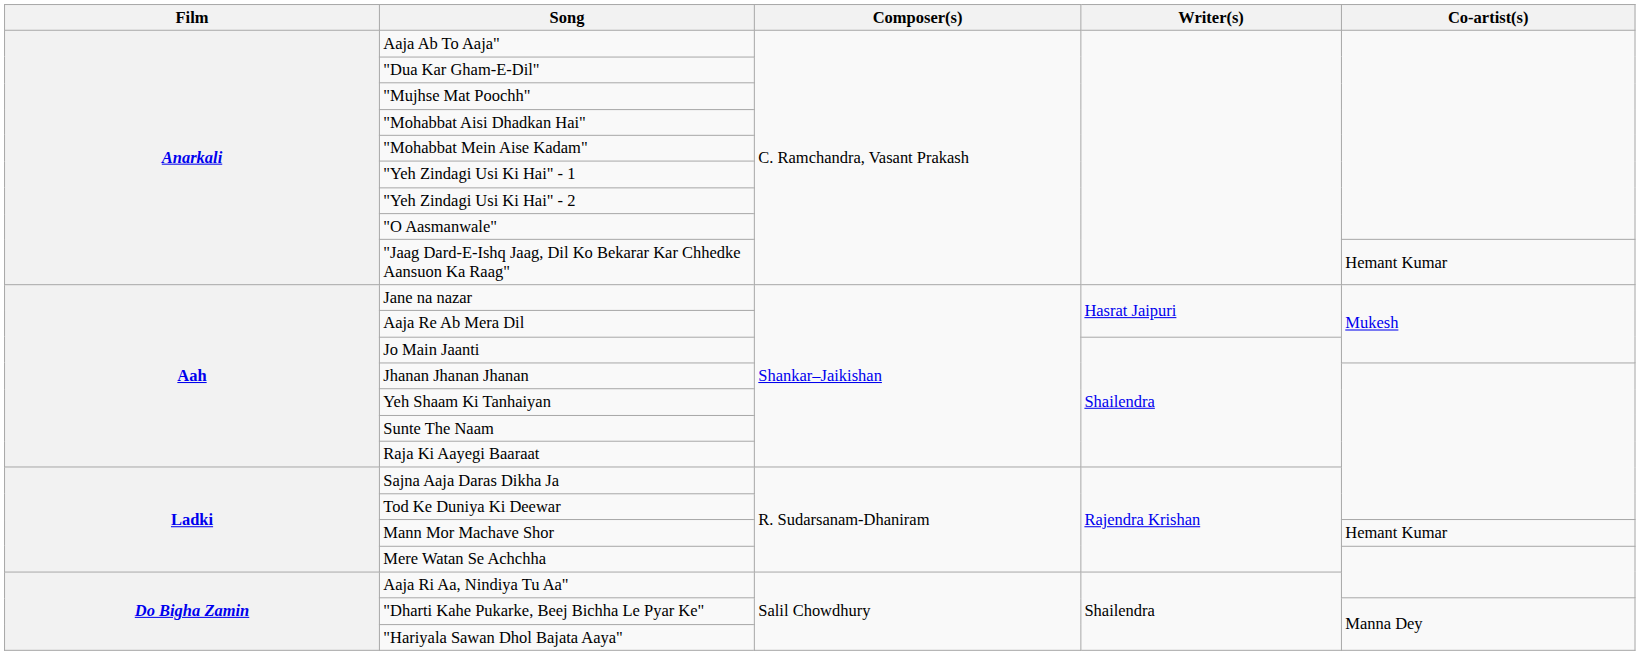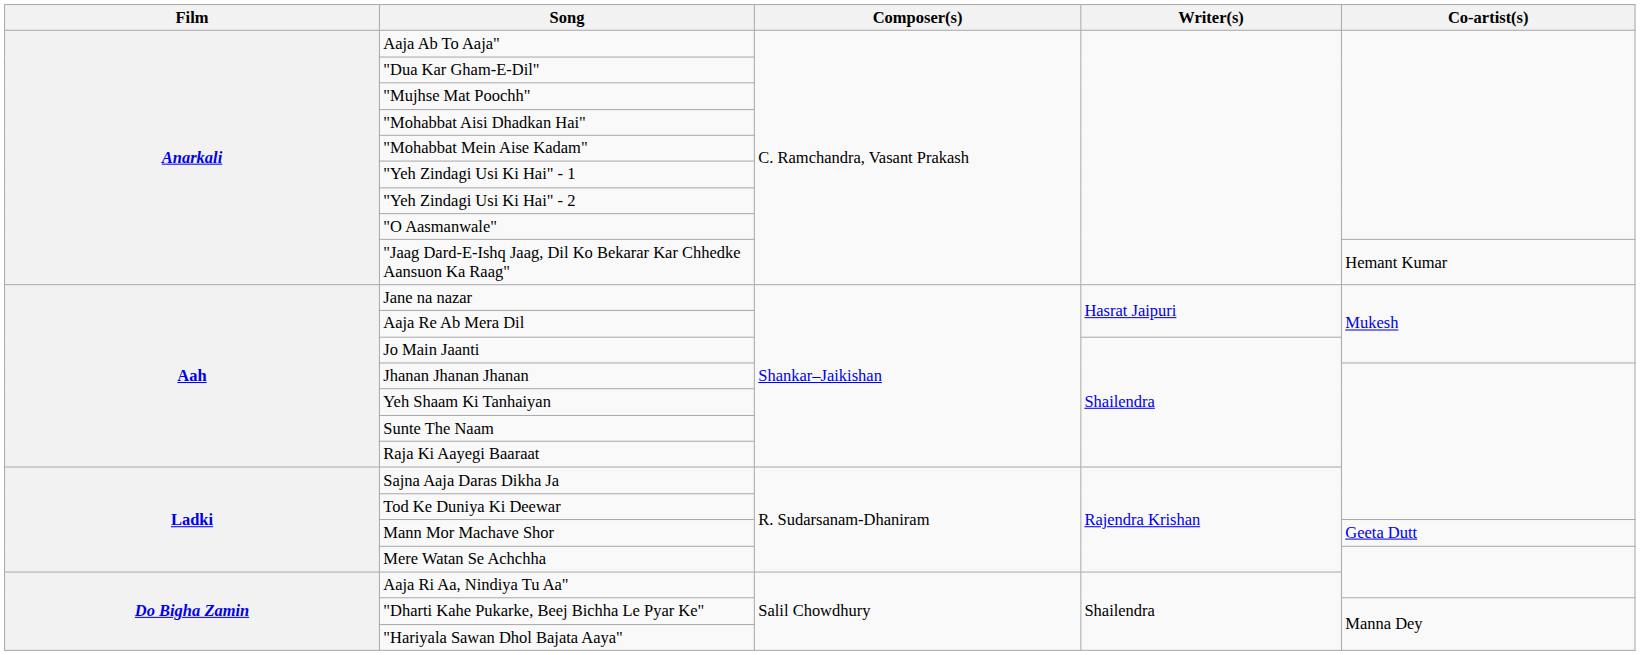 <table class="wikitable plainrowheaders" style="width:100%; textcolor:#000">
 <tr style="background:#b0e0e66;">
 <th scope="col" style="width:23%;"><strong>Film</strong></th>
 <th scope="col" style="width:23%;"><strong>Song</strong></th>
 <th scope="col" style="width:20%;"><strong>Composer(s)</strong></th>
 <th scope="col" style="width:16%;"><strong>Writer(s)</strong></th>
 <th scope="col" style="width:18%;"><strong>Co-artist(s)</strong></th>
 </tr>
 <tr>
 <th rowspan=9><em><a href='#'>Anarkali</a></em></th>
 <td>Aaja Ab To Aaja"</td>
 <td rowspan=9>C. Ramchandra, Vasant Prakash</td>
 <td rowspan=9></td>
 <td rowspan=8></td>
 </tr>
 <tr>
 <td>"Dua Kar Gham-E-Dil"</td>
 </tr>
 <tr>
 <td>"Mujhse Mat Poochh"</td>
 </tr>
 <tr>
 <td>"Mohabbat Aisi Dhadkan Hai"</td>
 </tr>
 <tr>
 <td>"Mohabbat Mein Aise Kadam"</td>
 </tr>
 <tr>
 <td>"Yeh Zindagi Usi Ki Hai" - 1</td>
 </tr>
 <tr>
 <td>"Yeh Zindagi Usi Ki Hai" - 2</td>
 </tr>
 <tr>
 <td>"O Aasmanwale"</td>
 </tr>
 <tr>
 <td>"Jaag Dard-E-Ishq Jaag, Dil Ko Bekarar Kar Chhedke Aansuon Ka Raag"</td>
 <td>Hemant Kumar</td>
 </tr>
 <tr>
 <th rowspan="7"><a href='#'>Aah</a></th>
 <td>Jane na nazar </td>
 <td rowspan="7"><a href='#'>Shankar–Jaikishan</a></td>
 <td rowspan="2"><a href='#'>Hasrat Jaipuri</a></td>
 <td rowspan="3"><a href='#'>Mukesh</a></td>
 </tr>
 <tr>
 <td>Aaja Re Ab Mera Dil</td>
 </tr>
 <tr>
 <td>Jo Main Jaanti</td>
 <td rowspan="5"><a href='#'>Shailendra</a></td>
 </tr>
 <tr>
 <td>Jhanan Jhanan Jhanan</td>
 <td rowspan="6"></td>
 </tr>
 <tr>
 <td>Yeh Shaam Ki Tanhaiyan</td>
 </tr>
 <tr>
 <td>Sunte The Naam</td>
 </tr>
 <tr>
 <td>Raja Ki Aayegi Baaraat</td>
 </tr>
 <tr>
 <th rowspan="4"><a href='#'>Ladki</a></th>
 <td>Sajna Aaja Daras Dikha Ja</td>
 <td rowspan="4">R. Sudarsanam-Dhaniram</td>
 <td rowspan="4"><a href='#'>Rajendra Krishan</a></td>
 </tr>
 <tr>
 <td>Tod Ke Duniya Ki Deewar</td>
 </tr>
 <tr>
 <td>Mann Mor Machave Shor</td>
-<td>Hemant Kumar</td>
+<td><a href='#'>Geeta Dutt</a></td>
 </tr>
 <tr>
 <td>Mere Watan Se Achchha</td>
 <td rowspan="2"></td>
 </tr>
 <tr>
 <th Rowspan=3><em><a href='#'>Do Bigha Zamin</a></em></th>
 <td>Aaja Ri Aa, Nindiya Tu Aa"</td>
 <td rowspan=3>Salil Chowdhury</td>
 <td rowspan=3>Shailendra</td>
 </tr>
 <tr>
 <td>"Dharti Kahe Pukarke, Beej Bichha Le Pyar Ke"</td>
 <td rowspan=2>Manna Dey</td>
 </tr>
 <tr>
 <td>"Hariyala Sawan Dhol Bajata Aaya"</td>
 </tr>
 </table>
